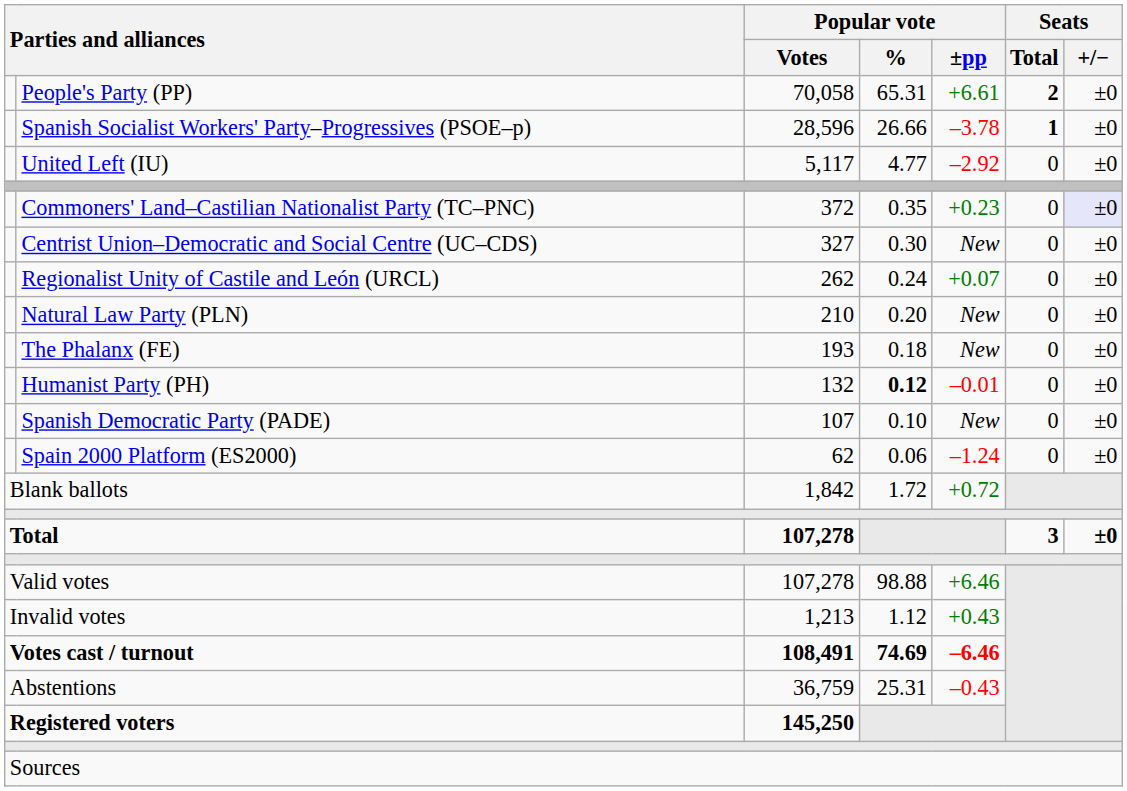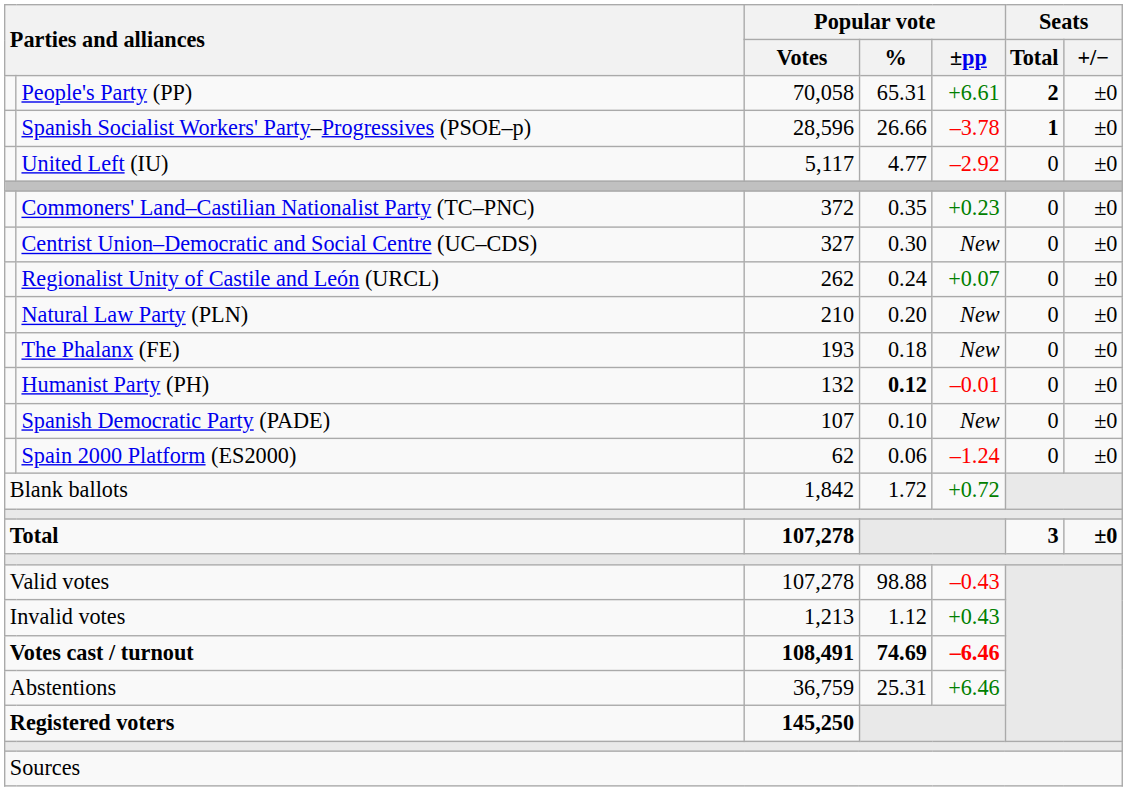 <table class="wikitable" style="text-align:right;">
 <tr>
 <th style="text-align:left;" rowspan="2" colspan="2" width="525">Parties and alliances</th>
 <th colspan="3">Popular vote</th>
 <th colspan="2">Seats</th>
 </tr>
 <tr>
 <th width="75">Votes</th>
 <th width="45">%</th>
 <th width="45">±<a href='#'>pp</a></th>
 <th width="35">Total</th>
 <th width="35">+/−</th>
 </tr>
 <tr>
 <td width="1" style="color:inherit;background:"></td>
 <td align="left"><a href='#'>People's Party</a> (PP)</td>
 <td>70,058</td>
 <td>65.31</td>
 <td style="color:green;">+6.61</td>
 <td><strong>2</strong></td>
 <td>±0</td>
 </tr>
 <tr>
 <td style="color:inherit;background:"></td>
 <td align="left"><a href='#'>Spanish Socialist Workers' Party</a>–<a href='#'>Progressives</a> (PSOE–p)</td>
 <td>28,596</td>
 <td>26.66</td>
 <td style="color:red;">–3.78</td>
 <td><strong>1</strong></td>
 <td>±0</td>
 </tr>
 <tr>
 <td style="color:inherit;background:"></td>
 <td align="left"><a href='#'>United Left</a> (IU)</td>
 <td>5,117</td>
 <td>4.77</td>
 <td style="color:red;">–2.92</td>
 <td>0</td>
 <td>±0</td>
 </tr>
 <tr>
 <td colspan="7" bgcolor="#C0C0C0"></td>
 </tr>
 <tr>
 <td style="color:inherit;background:"></td>
 <td align="left"><a href='#'>Commoners' Land–Castilian Nationalist Party</a> (TC–PNC)</td>
 <td>372</td>
 <td>0.35</td>
 <td style="color:green;">+0.23</td>
 <td>0</td>
-<td style="background: lavender;">±0</td>
+<td>±0</td>
 </tr>
 <tr>
 <td style="color:inherit;background:"></td>
 <td align="left"><a href='#'>Centrist Union–Democratic and Social Centre</a> (UC–CDS)</td>
 <td>327</td>
 <td>0.30</td>
 <td><em>New</em></td>
 <td>0</td>
 <td>±0</td>
 </tr>
 <tr>
 <td style="color:inherit;background:"></td>
 <td align="left"><a href='#'>Regionalist Unity of Castile and León</a> (URCL)</td>
 <td>262</td>
 <td>0.24</td>
 <td style="color:green;">+0.07</td>
 <td>0</td>
 <td>±0</td>
 </tr>
 <tr>
 <td style="color:inherit;background:"></td>
 <td align="left"><a href='#'>Natural Law Party</a> (PLN)</td>
 <td>210</td>
 <td>0.20</td>
 <td><em>New</em></td>
 <td>0</td>
 <td>±0</td>
 </tr>
 <tr>
 <td style="color:inherit;background:"></td>
 <td align="left"><a href='#'>The Phalanx</a> (FE)</td>
 <td>193</td>
 <td>0.18</td>
 <td><em>New</em></td>
 <td>0</td>
 <td>±0</td>
 </tr>
 <tr>
 <td style="color:inherit;background:"></td>
 <td align="left"><a href='#'>Humanist Party</a> (PH)</td>
 <td>132</td>
 <td><strong>0.12</strong></td>
 <td style="color:red;">–0.01</td>
 <td>0</td>
 <td>±0</td>
 </tr>
 <tr>
 <td style="color:inherit;background:"></td>
 <td align="left"><a href='#'>Spanish Democratic Party</a> (PADE)</td>
 <td>107</td>
 <td>0.10</td>
 <td><em>New</em></td>
 <td>0</td>
 <td>±0</td>
 </tr>
 <tr>
 <td style="color:inherit;background:"></td>
 <td align="left"><a href='#'>Spain 2000 Platform</a> (ES2000)</td>
 <td>62</td>
 <td>0.06</td>
 <td style="color:red;">–1.24</td>
 <td>0</td>
 <td>±0</td>
 </tr>
 <tr>
 <td align="left" colspan="2">Blank ballots</td>
 <td>1,842</td>
 <td>1.72</td>
 <td style="color:green;">+0.72</td>
 <td bgcolor="#E9E9E9" colspan="2"></td>
 </tr>
 <tr>
 <td colspan="7" bgcolor="#E9E9E9"></td>
 </tr>
 <tr style="font-weight:bold;">
 <td align="left" colspan="2">Total</td>
 <td>107,278</td>
 <td bgcolor="#E9E9E9" colspan="2"></td>
 <td>3</td>
 <td>±0</td>
 </tr>
 <tr>
 <td colspan="7" bgcolor="#E9E9E9"></td>
 </tr>
 <tr>
 <td align="left" colspan="2">Valid votes</td>
 <td>107,278</td>
 <td>98.88</td>
-<td style="color:green;">+6.46</td>
+<td style="color:red;">–0.43</td>
 <td bgcolor="#E9E9E9" colspan="2" rowspan="5"></td>
 </tr>
 <tr>
 <td align="left" colspan="2">Invalid votes</td>
 <td>1,213</td>
 <td>1.12</td>
 <td style="color:green;">+0.43</td>
 </tr>
 <tr style="font-weight:bold;">
 <td align="left" colspan="2">Votes cast / turnout</td>
 <td>108,491</td>
 <td>74.69</td>
 <td style="color:red;">–6.46</td>
 </tr>
 <tr>
 <td align="left" colspan="2">Abstentions</td>
 <td>36,759</td>
 <td>25.31</td>
-<td style="color:red;">–0.43</td>
+<td style="color:green;">+6.46</td>
 </tr>
 <tr style="font-weight:bold;">
 <td align="left" colspan="2">Registered voters</td>
 <td>145,250</td>
 <td bgcolor="#E9E9E9" colspan="2"></td>
 </tr>
 <tr>
 <td colspan="7" bgcolor="#E9E9E9"></td>
 </tr>
 <tr>
 <td align="left" colspan="7">Sources</td>
 </tr>
 </table>
